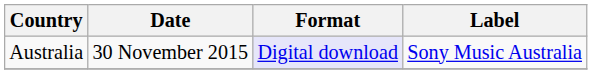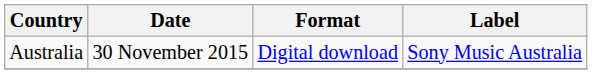 <table class="wikitable plainrowheaders">
 <tr>
 <th scope="col">Country</th>
 <th scope="col">Date</th>
 <th scope="col">Format</th>
 <th scope="col">Label</th>
 </tr>
 <tr>
 <td>Australia</td>
 <td>30 November 2015</td>
-<td style="background: lavender;"><a href='#'>Digital download</a></td>
+<td><a href='#'>Digital download</a></td>
 <td><a href='#'>Sony Music Australia</a></td>
 </tr>
 <tr>
 </tr>
 </table>
